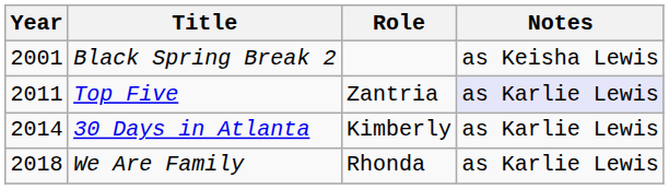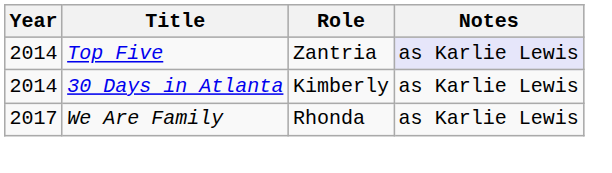 <table class="wikitable sortable">
 <tr>
 <th>Year</th>
 <th>Title</th>
 <th>Role</th>
 <th>Notes</th>
 </tr>
 <tr>
-<td>2001</td>
-<td><em>Black Spring Break 2</em> </td>
-<td></td>
-<td>as Keisha Lewis</td>
-</tr>
-<tr>
-<td>2011</td>
+<td>2014</td>
 <td><em><a href='#'>Top Five</a></em></td>
 <td>Zantria</td>
 <td style="background: lavender;">as Karlie Lewis</td>
 </tr>
 <tr>
 <td>2014</td>
 <td><em><a href='#'>30 Days in Atlanta</a></em></td>
 <td>Kimberly</td>
 <td>as Karlie Lewis</td>
 </tr>
 <tr>
-<td>2018</td>
+<td>2017</td>
 <td><em>We Are Family</em></td>
 <td>Rhonda</td>
 <td>as Karlie Lewis</td>
 </tr>
 </table>
